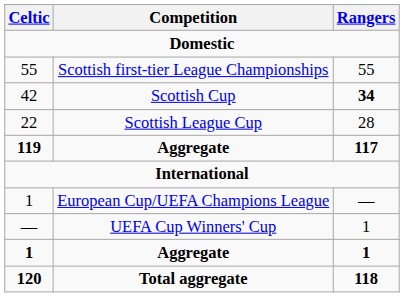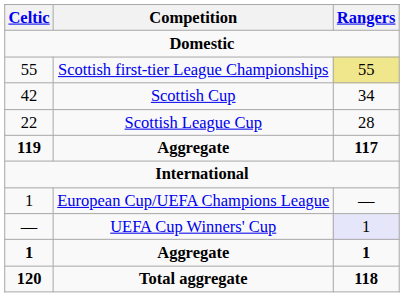 <table class="wikitable sortable"  style="width:auto; margin:auto;">
 <tr>
 <th><a href='#'>Celtic</a></th>
 <th>Competition</th>
 <th><a href='#'>Rangers</a></th>
 </tr>
 <tr style="text-align:center;">
 <td colspan="4"><strong>Domestic</strong></td>
 </tr>
 <tr style="text-align:center;">
 <td>55</td>
 <td><a href='#'>Scottish first-tier League Championships</a></td>
-<td>55</td>
+<td style="background: khaki;">55</td>
 </tr>
 <tr style="text-align:center;">
 <td>42</td>
 <td><a href='#'>Scottish Cup</a></td>
-<td><strong>34</strong></td>
+<td>34</td>
 </tr>
 <tr style="text-align:center;">
 <td>22</td>
 <td><a href='#'>Scottish League Cup</a></td>
 <td>28</td>
 </tr>
 <tr align="center">
 <td><strong>119</strong></td>
 <td><strong>Aggregate</strong></td>
 <td><strong>117</strong></td>
 </tr>
 <tr style="text-align:center;">
 <td colspan="4"><strong>International</strong></td>
 </tr>
 <tr style="text-align:center;">
 <td>1</td>
 <td><a href='#'>European Cup/UEFA Champions League</a></td>
 <td>—</td>
 </tr>
 <tr style="text-align:center;">
 <td>—</td>
 <td><a href='#'>UEFA Cup Winners' Cup</a></td>
-<td>1</td>
+<td style="background: lavender;">1</td>
 </tr>
 <tr align="center">
 <td><strong>1</strong></td>
 <td><strong>Aggregate</strong></td>
 <td><strong>1</strong></td>
 </tr>
 <tr align="center">
 <td><strong>120</strong></td>
 <td><strong>Total aggregate</strong></td>
 <td><strong>118</strong></td>
 </tr>
 </table>
